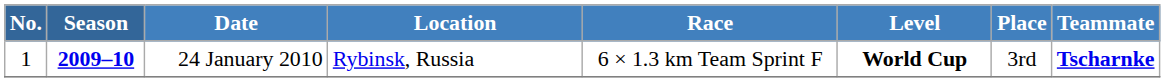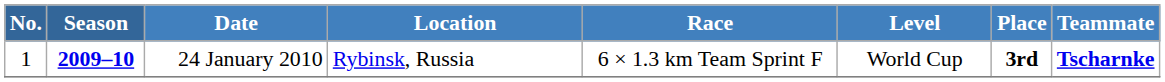 <table class="wikitable sortable" style="font-size:95%; text-align:center; border:grey solid 1px; border-collapse:collapse; background:#ffffff;">
 <tr style="background:#efefef;">
 <th style="background-color:#369; color:white;">No.</th>
 <th style="background-color:#369; color:white;">Season</th>
 <th style="background-color:#4180be; color:white; width:120px;">Date</th>
 <th style="background-color:#4180be; color:white; width:170px;">Location</th>
 <th style="background-color:#4180be; color:white; width:170px;">Race</th>
 <th style="background-color:#4180be; color:white; width:100px;">Level</th>
 <th style="background-color:#4180be; color:white;">Place</th>
 <th style="background-color:#4180be; color:white;">Teammate</th>
 </tr>
 <tr>
 <td align=center>1</td>
 <td rowspan=1 align=center><strong> <a href='#'>2009–10</a> </strong></td>
 <td align=right>24 January 2010</td>
 <td align=left> <a href='#'>Rybinsk</a>, Russia</td>
 <td>6 × 1.3 km Team Sprint F</td>
-<td><strong>World Cup</strong></td>
-<td>3rd</td>
+<td>World Cup</td>
+<td><strong>3rd</strong></td>
 <td><strong><a href='#'>Tscharnke</a></strong></td>
 </tr>
 <tr>
 </tr>
 </table>
